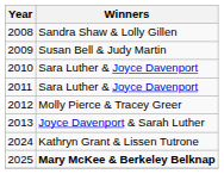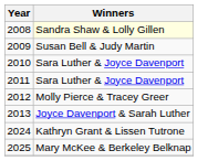 <table class="wikitable">
 <tr>
 <th>Year</th>
 <th>Winners</th>
 </tr>
 <tr>
 <td>2008</td>
-<td>Sandra Shaw & Lolly Gillen</td>
+<td style="background: lightyellow;">Sandra Shaw & Lolly Gillen</td>
 </tr>
 <tr>
 <td>2009</td>
 <td>Susan Bell &  Judy Martin</td>
 </tr>
 <tr>
 <td>2010</td>
 <td>Sara Luther & <a href='#'>Joyce Davenport</a></td>
 </tr>
 <tr>
 <td>2011</td>
 <td>Sara Luther & <a href='#'>Joyce Davenport</a></td>
 </tr>
 <tr>
 <td>2012</td>
 <td>Molly Pierce & Tracey Greer</td>
 </tr>
 <tr>
 <td>2013</td>
 <td><a href='#'>Joyce Davenport</a> & Sarah Luther</td>
 </tr>
 <tr>
 <td>2024</td>
 <td>Kathryn Grant & Lissen Tutrone</td>
 </tr>
 <tr>
 <td>2025</td>
-<td><strong>Mary McKee & Berkeley Belknap</strong></td>
+<td>Mary McKee & Berkeley Belknap</td>
 </tr>
 <tr>
 </tr>
 </table>
